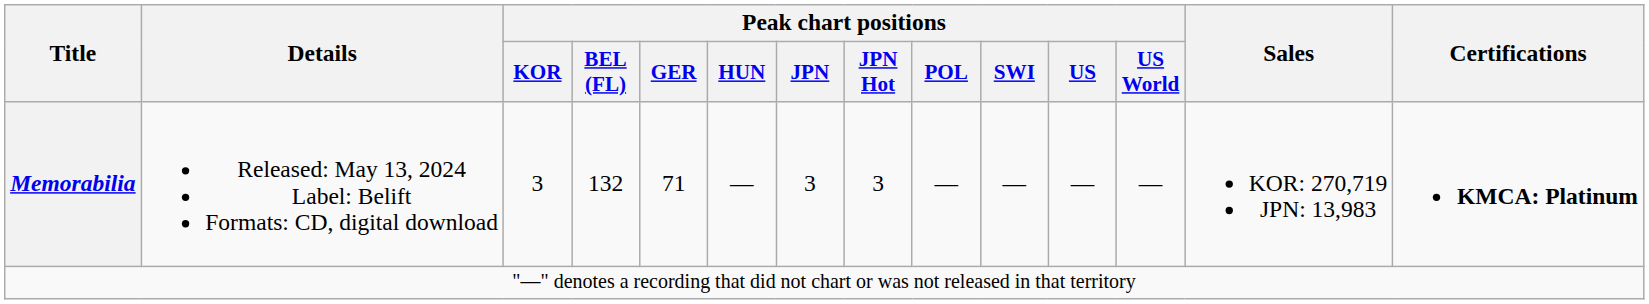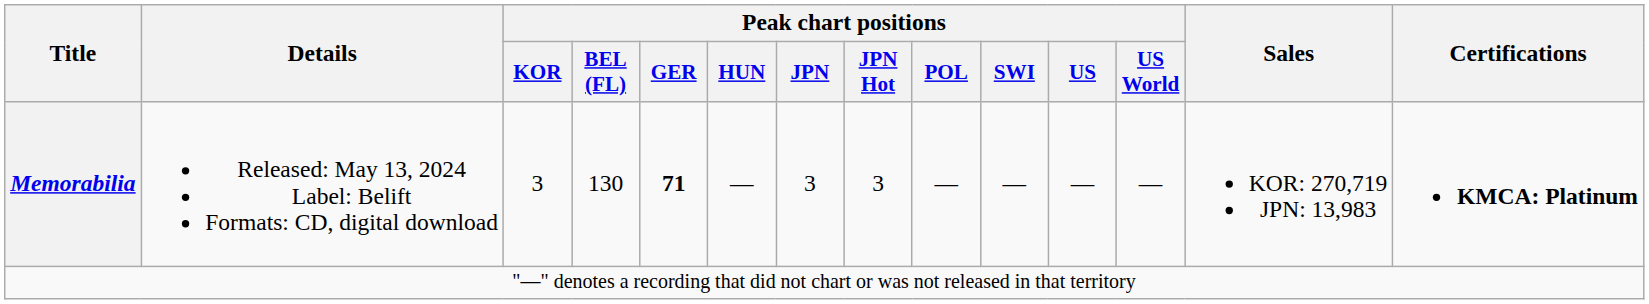 <table class="wikitable plainrowheaders" style="text-align:center;">
 <tr>
 <th scope="col" rowspan="2">Title</th>
 <th scope="col" rowspan="2">Details</th>
 <th scope="col" colspan="10">Peak chart positions</th>
 <th scope="col" rowspan="2">Sales</th>
 <th scope="col" rowspan="2">Certifications</th>
 </tr>
 <tr>
 <th scope="col" style="width:2.75em;font-size:90%;"><a href='#'>KOR</a><br></th>
 <th scope="col" style="width:2.75em;font-size:90%;"><a href='#'>BEL<br>(FL)</a><br></th>
 <th scope="col" style="width:2.75em;font-size:90%;"><a href='#'>GER</a><br></th>
 <th scope="col" style="width:2.75em;font-size:90%;"><a href='#'>HUN</a><br></th>
 <th scope="col" style="width:2.75em;font-size:90%;"><a href='#'>JPN</a><br></th>
 <th scope="col" style="width:2.75em;font-size:90%;"><a href='#'>JPN Hot</a><br></th>
 <th scope="col" style="width:2.75em;font-size:90%;"><a href='#'>POL</a><br></th>
 <th scope="col" style="width:2.75em;font-size:90%;"><a href='#'>SWI</a><br></th>
 <th scope="col" style="width:2.75em;font-size:90%;"><a href='#'>US</a><br></th>
 <th scope="col" style="width:2.75em;font-size:90%;"><a href='#'>US<br>World</a><br></th>
 </tr>
 <tr>
 <th scope="row"><em><a href='#'>Memorabilia</a></em></th>
 <td><br><ul><li>Released: May 13, 2024</li><li>Label: Belift</li><li>Formats: CD, digital download</li></ul></td>
 <td>3</td>
-<td>132</td>
-<td>71</td>
+<td>130</td>
+<td><strong>71</strong></td>
 <td>—</td>
 <td>3</td>
 <td>3</td>
 <td>—</td>
 <td>—</td>
 <td>—</td>
 <td>—</td>
 <td><br><ul><li>KOR: 270,719</li><li>JPN: 13,983 </li></ul></td>
 <td><strong><br><ul><li>KMCA: Platinum</li></ul></strong></td>
 </tr>
 <tr>
 <td colspan="14" style="font-size:85%">"—" denotes a recording that did not chart or was not released in that territory</td>
 </tr>
 </table>
